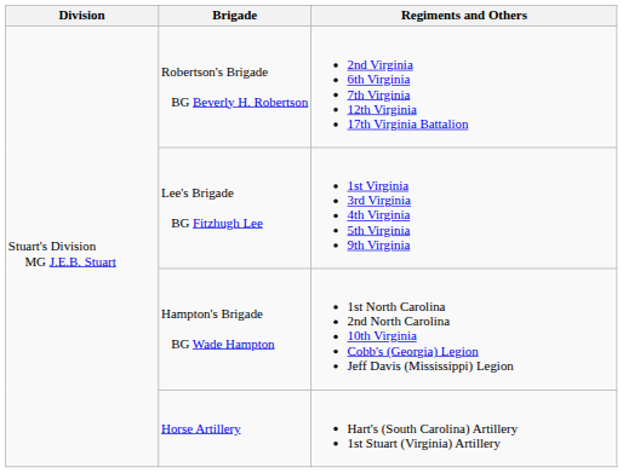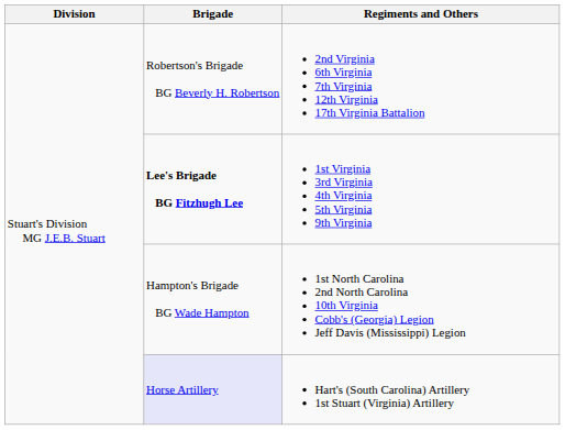 <table class="wikitable">
 <tr>
 <th width=25%>Division</th>
 <th width=25%>Brigade</th>
 <th>Regiments and Others</th>
 </tr>
 <tr>
 <td rowspan=4><br>Stuart's Division <br>     MG <a href='#'>J.E.B. Stuart</a></td>
 <td>Robertson's Brigade<br><br>   BG <a href='#'>Beverly H. Robertson</a></td>
 <td><br><ul><li><a href='#'>2nd Virginia</a></li><li><a href='#'>6th Virginia</a></li><li><a href='#'>7th Virginia</a></li><li><a href='#'>12th Virginia</a></li><li><a href='#'>17th Virginia Battalion</a></li></ul></td>
 </tr>
 <tr>
-<td>Lee's Brigade<br><br>   BG <a href='#'>Fitzhugh Lee</a></td>
+<td><strong>Lee's Brigade<br><br>   BG <a href='#'>Fitzhugh Lee</a></strong></td>
 <td><br><ul><li><a href='#'>1st Virginia</a></li><li><a href='#'>3rd Virginia</a></li><li><a href='#'>4th Virginia</a></li><li><a href='#'>5th Virginia</a></li><li><a href='#'>9th Virginia</a></li></ul></td>
 </tr>
 <tr>
 <td>Hampton's Brigade<br><br>   BG <a href='#'>Wade Hampton</a></td>
 <td><br><ul><li>1st North Carolina</li><li>2nd North Carolina</li><li><a href='#'>10th Virginia</a></li><li><a href='#'>Cobb's (Georgia) Legion</a></li><li>Jeff Davis (Mississippi) Legion</li></ul></td>
 </tr>
 <tr>
-<td><a href='#'>Horse Artillery</a></td>
+<td style="background: lavender;"><a href='#'>Horse Artillery</a></td>
 <td><br><ul><li>Hart's (South Carolina) Artillery</li><li>1st Stuart (Virginia) Artillery</li></ul></td>
 </tr>
 </table>
